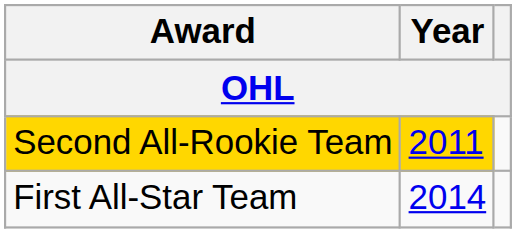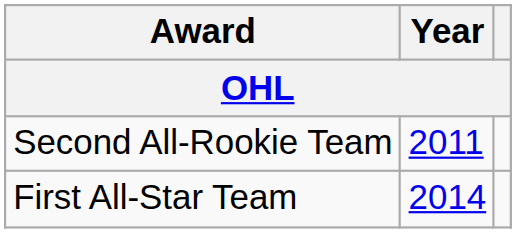 <table class="wikitable">
 <tr>
 <th>Award</th>
 <th>Year</th>
 <th></th>
 </tr>
 <tr>
 <th colspan="3"><a href='#'>OHL</a></th>
 </tr>
 <tr>
-<td style="background: gold;">Second All-Rookie Team</td>
-<td style="background: gold;"><a href='#'>2011</a></td>
+<td>Second All-Rookie Team</td>
+<td><a href='#'>2011</a></td>
 <td></td>
 </tr>
 <tr>
 <td>First All-Star Team</td>
 <td><a href='#'>2014</a></td>
 <td></td>
 </tr>
 </table>
